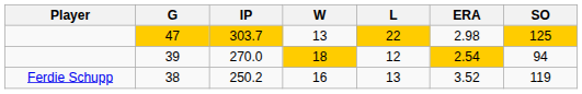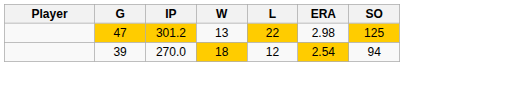 <table class="wikitable sortable">
 <tr>
 <th bgcolor="#DDDDFF" width="16%">Player</th>
 <th bgcolor="#DDDDFF" width="9%">G</th>
 <th bgcolor="#DDDDFF" width="9%">IP</th>
 <th bgcolor="#DDDDFF" width="9%">W</th>
 <th bgcolor="#DDDDFF" width="9%">L</th>
 <th bgcolor="#DDDDFF" width="9%">ERA</th>
 <th bgcolor="#DDDDFF" width="9%">SO</th>
 </tr>
 <tr align="center">
 <td></td>
 <td style="background:#fc0;">47</td>
-<td style="background:#fc0;">303.7</td>
+<td style="background:#fc0;">301.2</td>
 <td>13</td>
 <td style="background:#fc0;">22</td>
 <td>2.98</td>
 <td style="background:#fc0;">125</td>
 </tr>
 <tr align="center">
 <td></td>
 <td>39</td>
 <td>270.0</td>
 <td style="background:#fc0;">18</td>
 <td>12</td>
 <td style="background:#fc0;">2.54</td>
 <td>94</td>
 </tr>
-<tr align="center">
-<td><a href='#'>Ferdie Schupp</a></td>
-<td>38</td>
-<td>250.2</td>
-<td>16</td>
-<td>13</td>
-<td>3.52</td>
-<td>119</td>
-</tr>
 </table>
